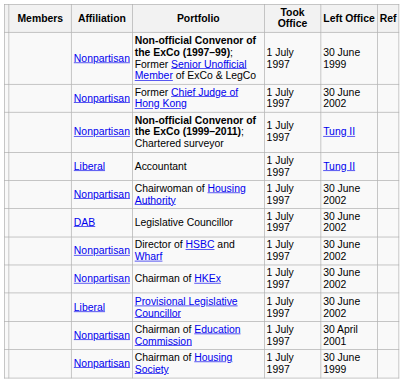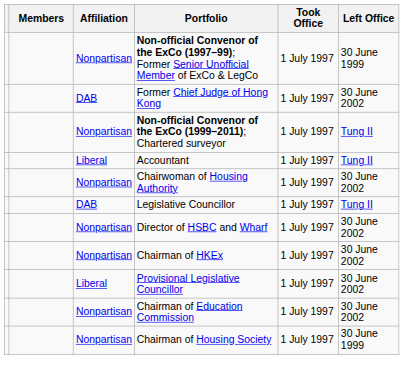 <table class="wikitable">
 <tr>
 <th class="unsortable"></th>
 <th style="width:110px;">Members</th>
 <th style="width:50px;">Affiliation</th>
 <th style="width:320px;">Portfolio</th>
 <th style="width:120px;">Took Office</th>
 <th style="width:120px;">Left Office</th>
-<th>Ref</th>
 </tr>
 <tr>
 <td style="color:inherit;background:"></td>
 <td><strong></strong></td>
 <td><a href='#'>Nonpartisan</a></td>
 <td><strong>Non-official Convenor of the ExCo (1997–99)</strong>;<br>Former <a href='#'>Senior Unofficial Member</a> of ExCo & LegCo</td>
 <td>1 July 1997</td>
 <td>30 June 1999</td>
-<td></td>
 </tr>
 <tr>
 <td style="color:inherit;background:"></td>
 <td></td>
-<td><a href='#'>Nonpartisan</a></td>
+<td><a href='#'>DAB</a></td>
 <td>Former <a href='#'>Chief Judge of Hong Kong</a></td>
 <td>1 July 1997</td>
 <td>30 June 2002</td>
-<td></td>
 </tr>
 <tr>
 <td style="color:inherit;background:"></td>
 <td><strong></strong></td>
 <td><a href='#'>Nonpartisan</a></td>
 <td><strong>Non-official Convenor of the ExCo (1999–2011)</strong>;<br>Chartered surveyor</td>
 <td>1 July 1997</td>
 <td><a href='#'>Tung II</a></td>
-<td></td>
 </tr>
 <tr>
 <td style="color:inherit;background:"></td>
 <td></td>
 <td><a href='#'>Liberal</a></td>
 <td>Accountant</td>
 <td>1 July 1997</td>
 <td><a href='#'>Tung II</a></td>
-<td></td>
 </tr>
 <tr>
 <td style="color:inherit;background:"></td>
 <td></td>
 <td><a href='#'>Nonpartisan</a></td>
 <td>Chairwoman of <a href='#'>Housing Authority</a></td>
 <td>1 July 1997</td>
 <td>30 June 2002</td>
-<td></td>
 </tr>
 <tr>
 <td style="color:inherit;background:"></td>
 <td></td>
 <td><a href='#'>DAB</a></td>
 <td>Legislative Councillor</td>
 <td>1 July 1997</td>
-<td>30 June 2002</td>
-<td></td>
+<td><a href='#'>Tung II</a></td>
 </tr>
 <tr>
 <td style="color:inherit;background:"></td>
 <td></td>
 <td><a href='#'>Nonpartisan</a></td>
 <td>Director of <a href='#'>HSBC</a> and <a href='#'>Wharf</a></td>
 <td>1 July 1997</td>
 <td>30 June 2002</td>
-<td></td>
 </tr>
 <tr>
 <td style="color:inherit;background:"></td>
 <td></td>
 <td><a href='#'>Nonpartisan</a></td>
 <td>Chairman of <a href='#'>HKEx</a></td>
 <td>1 July 1997</td>
 <td>30 June 2002</td>
-<td></td>
 </tr>
 <tr>
 <td style="color:inherit;background:"></td>
 <td></td>
 <td><a href='#'>Liberal</a></td>
 <td><a href='#'>Provisional Legislative Councillor</a></td>
 <td>1 July 1997</td>
 <td>30 June 2002</td>
-<td></td>
 </tr>
 <tr>
 <td style="color:inherit;background:"></td>
 <td></td>
 <td><a href='#'>Nonpartisan</a></td>
 <td>Chairman of <a href='#'>Education Commission</a></td>
 <td>1 July 1997</td>
-<td>30 April 2001</td>
-<td></td>
+<td>30 June 2002</td>
 </tr>
 <tr>
 <td style="color:inherit;background:"></td>
 <td></td>
 <td><a href='#'>Nonpartisan</a></td>
 <td>Chairman of <a href='#'>Housing Society</a></td>
 <td>1 July 1997</td>
 <td>30 June 1999</td>
-<td></td>
 </tr>
 </table>
